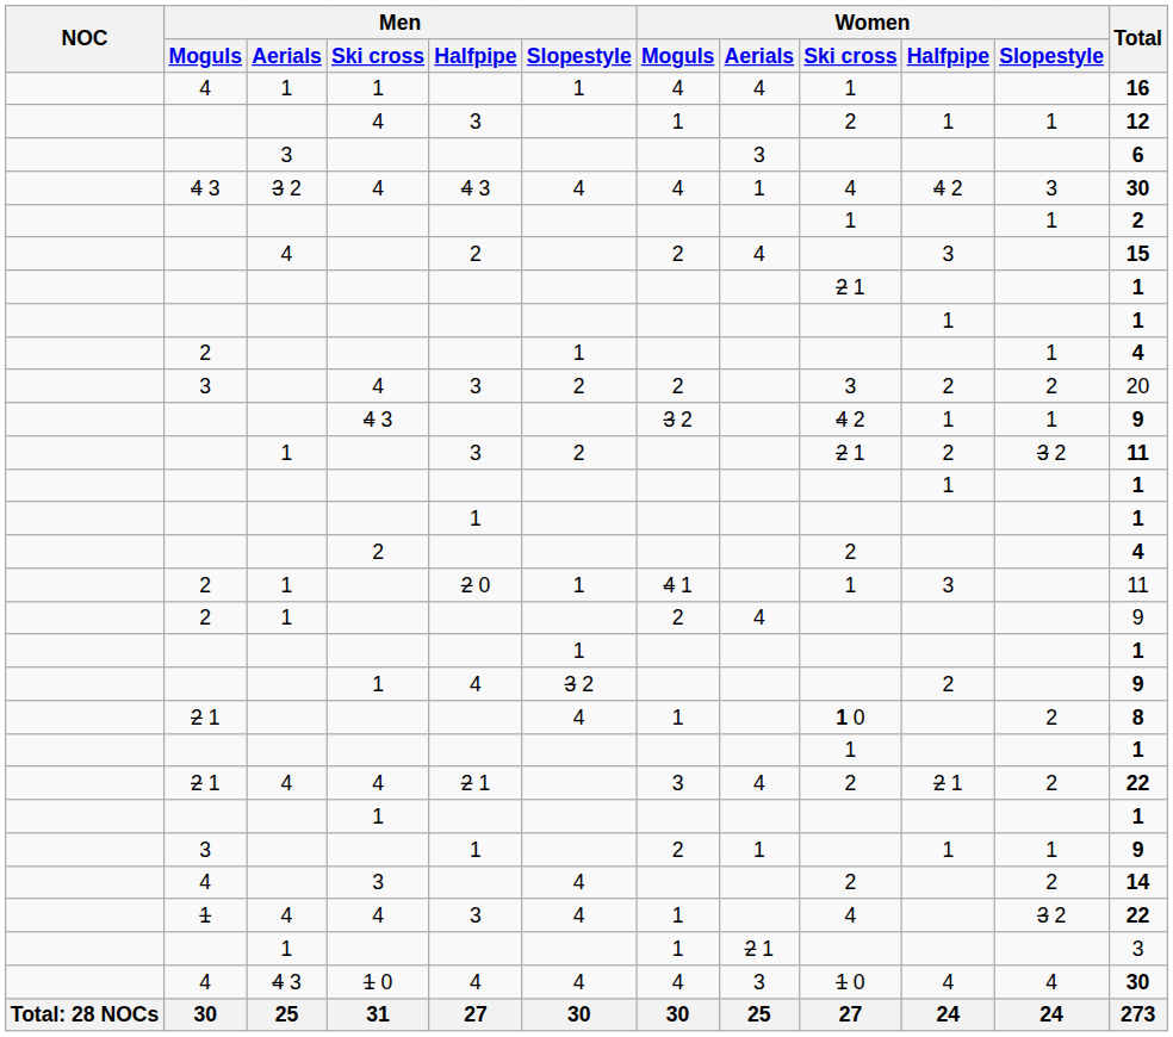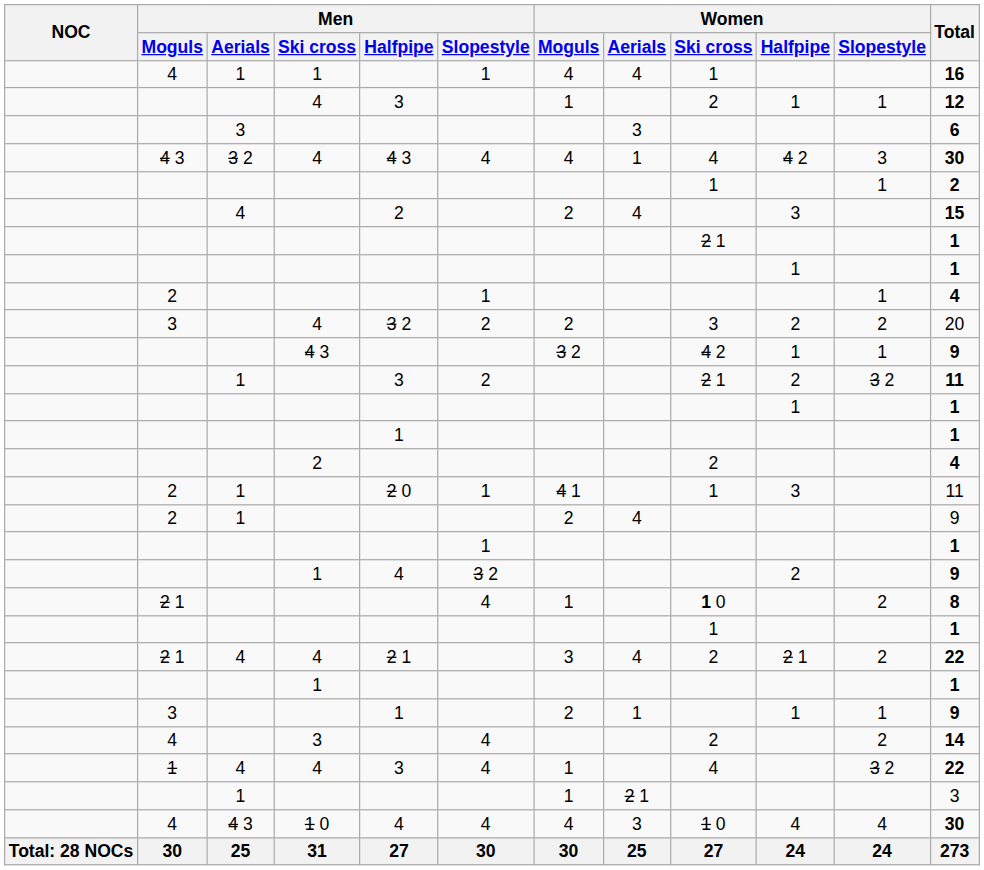 <table class="wikitable" style="text-align:center; font-size:90%">
 <tr>
 <th rowspan="2" align="center">NOC</th>
 <th colspan="5">Men</th>
 <th colspan="5">Women</th>
 <th rowspan="2">Total</th>
 </tr>
 <tr>
 <th><a href='#'>Moguls</a></th>
 <th><a href='#'>Aerials</a></th>
 <th><a href='#'>Ski cross</a></th>
 <th><a href='#'>Halfpipe</a></th>
 <th><a href='#'>Slopestyle</a></th>
 <th><a href='#'>Moguls</a></th>
 <th><a href='#'>Aerials</a></th>
 <th><a href='#'>Ski cross</a></th>
 <th><a href='#'>Halfpipe</a></th>
 <th><a href='#'>Slopestyle</a></th>
 </tr>
 <tr>
 <td align="left"></td>
 <td>4</td>
 <td>1</td>
 <td>1</td>
 <td></td>
 <td>1</td>
 <td>4</td>
 <td>4</td>
 <td>1</td>
 <td></td>
 <td></td>
 <td><strong>16</strong></td>
 </tr>
 <tr>
 <td align="left"></td>
 <td></td>
 <td></td>
 <td>4</td>
 <td>3</td>
 <td></td>
 <td>1</td>
 <td></td>
 <td>2</td>
 <td>1</td>
 <td>1</td>
 <td><strong>12</strong></td>
 </tr>
 <tr>
 <td align="left"></td>
 <td></td>
 <td>3</td>
 <td></td>
 <td></td>
 <td></td>
 <td></td>
 <td>3</td>
 <td></td>
 <td></td>
 <td></td>
 <td><strong>6</strong></td>
 </tr>
 <tr>
 <td align="left"></td>
 <td><s>4</s> 3</td>
 <td><s>3</s>  2</td>
 <td>4</td>
 <td><s>4</s>  3</td>
 <td>4</td>
 <td>4</td>
 <td>1</td>
 <td>4</td>
 <td><s>4</s>  2</td>
 <td>3</td>
 <td><strong>30</strong></td>
 </tr>
 <tr>
 <td align="left"></td>
 <td></td>
 <td></td>
 <td></td>
 <td></td>
 <td></td>
 <td></td>
 <td></td>
 <td>1</td>
 <td></td>
 <td>1</td>
 <td><strong>2</strong></td>
 </tr>
 <tr>
 <td align="left"></td>
 <td></td>
 <td>4</td>
 <td></td>
 <td>2</td>
 <td></td>
 <td>2</td>
 <td>4</td>
 <td></td>
 <td>3</td>
 <td></td>
 <td><strong>15</strong></td>
 </tr>
 <tr>
 <td align="left"></td>
 <td></td>
 <td></td>
 <td></td>
 <td></td>
 <td></td>
 <td></td>
 <td></td>
 <td><s>2</s> 1</td>
 <td></td>
 <td></td>
 <td><strong>1</strong></td>
 </tr>
 <tr>
 <td align="left"></td>
 <td></td>
 <td></td>
 <td></td>
 <td></td>
 <td></td>
 <td></td>
 <td></td>
 <td></td>
 <td>1</td>
 <td></td>
 <td><strong>1</strong></td>
 </tr>
 <tr>
 <td align="left"></td>
 <td>2</td>
 <td></td>
 <td></td>
 <td></td>
 <td>1</td>
 <td></td>
 <td></td>
 <td></td>
 <td></td>
 <td>1</td>
 <td><strong>4</strong></td>
 </tr>
 <tr>
 <td align="left"></td>
 <td>3</td>
 <td></td>
 <td>4</td>
-<td>3</td>
+<td><s>3</s> 2</td>
 <td>2</td>
 <td>2</td>
 <td></td>
 <td>3</td>
 <td>2</td>
 <td>2</td>
 <td>20</td>
 </tr>
 <tr>
 <td align="left"></td>
 <td></td>
 <td></td>
 <td><s>4</s> 3</td>
 <td></td>
 <td></td>
 <td><s>3</s> 2</td>
 <td></td>
 <td><s>4</s> 2</td>
 <td>1</td>
 <td>1</td>
 <td><strong>9</strong></td>
 </tr>
 <tr>
 <td align="left"></td>
 <td></td>
 <td>1</td>
 <td></td>
 <td>3</td>
 <td>2</td>
 <td></td>
 <td></td>
 <td><s>2</s> 1</td>
 <td>2</td>
 <td><s>3</s> 2</td>
 <td><strong>11</strong></td>
 </tr>
 <tr>
 <td align="left"></td>
 <td></td>
 <td></td>
 <td></td>
 <td></td>
 <td></td>
 <td></td>
 <td></td>
 <td></td>
 <td>1</td>
 <td></td>
 <td><strong>1</strong></td>
 </tr>
 <tr>
 <td align="left"></td>
 <td></td>
 <td></td>
 <td></td>
 <td>1</td>
 <td></td>
 <td></td>
 <td></td>
 <td></td>
 <td></td>
 <td></td>
 <td><strong>1</strong></td>
 </tr>
 <tr>
 <td align="left"></td>
 <td></td>
 <td></td>
 <td>2</td>
 <td></td>
 <td></td>
 <td></td>
 <td></td>
 <td>2</td>
 <td></td>
 <td></td>
 <td><strong>4</strong></td>
 </tr>
 <tr>
 <td align="left"></td>
 <td>2</td>
 <td>1</td>
 <td></td>
 <td><s>2</s> 0</td>
 <td>1</td>
 <td><s>4</s> 1</td>
 <td></td>
 <td>1</td>
 <td>3</td>
 <td></td>
 <td>11</td>
 </tr>
 <tr>
 <td align="left"></td>
 <td>2</td>
 <td>1</td>
 <td></td>
 <td></td>
 <td></td>
 <td>2</td>
 <td>4</td>
 <td></td>
 <td></td>
 <td></td>
 <td>9</td>
 </tr>
 <tr>
 <td align="left"></td>
 <td></td>
 <td></td>
 <td></td>
 <td></td>
 <td>1</td>
 <td></td>
 <td></td>
 <td></td>
 <td></td>
 <td></td>
 <td><strong>1</strong></td>
 </tr>
 <tr>
 <td align="left"></td>
 <td></td>
 <td></td>
 <td>1</td>
 <td>4</td>
 <td><s>3</s>  2</td>
 <td></td>
 <td></td>
 <td></td>
 <td>2</td>
 <td></td>
 <td><strong>9</strong></td>
 </tr>
 <tr>
 <td align="left"></td>
 <td><s>2</s> 1</td>
 <td></td>
 <td></td>
 <td></td>
 <td>4</td>
 <td>1</td>
 <td></td>
 <td><strong>1</strong> 0</td>
 <td></td>
 <td>2</td>
 <td><strong>8</strong></td>
 </tr>
 <tr>
 <td align="left"></td>
 <td></td>
 <td></td>
 <td></td>
 <td></td>
 <td></td>
 <td></td>
 <td></td>
 <td>1</td>
 <td></td>
 <td></td>
 <td><strong>1</strong></td>
 </tr>
 <tr>
 <td align="left"></td>
 <td><s>2</s> 1</td>
 <td>4</td>
 <td>4</td>
 <td><s>2</s> 1</td>
 <td></td>
 <td>3</td>
 <td>4</td>
 <td>2</td>
 <td><s>2</s> 1</td>
 <td>2</td>
 <td><strong>22</strong></td>
 </tr>
 <tr>
 <td align="left"></td>
 <td></td>
 <td></td>
 <td>1</td>
 <td></td>
 <td></td>
 <td></td>
 <td></td>
 <td></td>
 <td></td>
 <td></td>
 <td><strong>1</strong></td>
 </tr>
 <tr>
 <td align="left"></td>
 <td>3</td>
 <td></td>
 <td></td>
 <td>1</td>
 <td></td>
 <td>2</td>
 <td>1</td>
 <td></td>
 <td>1</td>
 <td>1</td>
 <td><strong>9</strong></td>
 </tr>
 <tr>
 <td align="left"></td>
 <td>4</td>
 <td></td>
 <td>3</td>
 <td></td>
 <td>4</td>
 <td></td>
 <td></td>
 <td>2</td>
 <td></td>
 <td>2</td>
 <td><strong>14</strong></td>
 </tr>
 <tr>
 <td align="left"></td>
 <td><s>1</s></td>
 <td>4</td>
 <td>4</td>
 <td>3</td>
 <td>4</td>
 <td>1</td>
 <td></td>
 <td>4</td>
 <td></td>
 <td><s>3</s> 2</td>
 <td><strong>22</strong></td>
 </tr>
 <tr>
 <td align="left"></td>
 <td></td>
 <td>1</td>
 <td></td>
 <td></td>
 <td></td>
 <td>1</td>
 <td><s>2</s> 1</td>
 <td></td>
 <td></td>
 <td></td>
 <td>3</td>
 </tr>
 <tr>
 <td align="left"></td>
 <td>4</td>
 <td><s>4</s>  3</td>
 <td><s>1</s>  0</td>
 <td>4</td>
 <td>4</td>
 <td>4</td>
 <td>3</td>
 <td><s>1</s> 0</td>
 <td>4</td>
 <td>4</td>
 <td><strong>30</strong></td>
 </tr>
 <tr>
 <th>Total: 28 NOCs</th>
 <th>30</th>
 <th>25</th>
 <th>31</th>
 <th>27</th>
 <th>30</th>
 <th>30</th>
 <th>25</th>
 <th>27</th>
 <th>24</th>
 <th>24</th>
 <th>273</th>
 </tr>
 </table>
